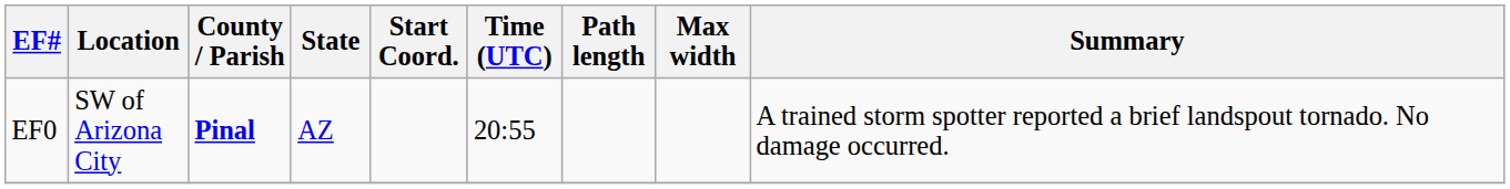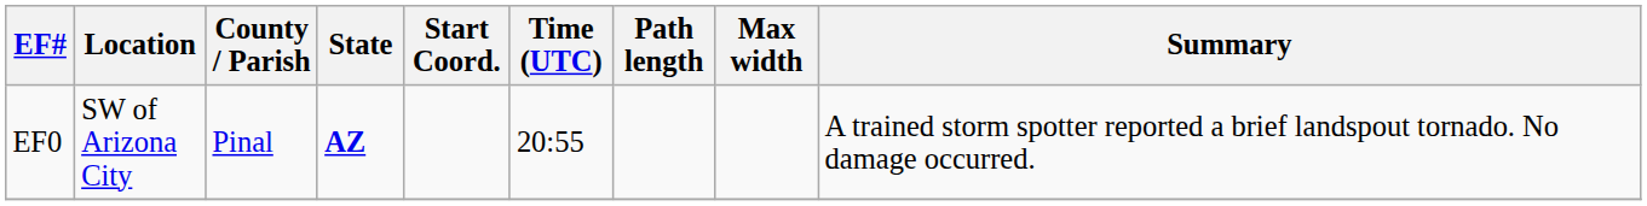 <table class="wikitable sortable" style="width:100%;">
 <tr>
 <th scope="col"  style="width:3%; text-align:center;"><a href='#'>EF#</a></th>
 <th scope="col"  style="width:7%; text-align:center;" class="unsortable">Location</th>
 <th scope="col"  style="width:6%; text-align:center;" class="unsortable">County / Parish</th>
 <th scope="col"  style="width:5%; text-align:center;">State</th>
 <th scope="col"  style="width:6%; text-align:center;">Start Coord.</th>
 <th scope="col"  style="width:6%; text-align:center;">Time (<a href='#'>UTC</a>)</th>
 <th scope="col"  style="width:6%; text-align:center;">Path length</th>
 <th scope="col"  style="width:6%; text-align:center;">Max width</th>
 <th scope="col" class="unsortable" style="width:48%; text-align:center;">Summary</th>
 </tr>
 <tr>
 <td bgcolor=>EF0</td>
 <td>SW of <a href='#'>Arizona City</a></td>
-<td><strong><a href='#'>Pinal</a></strong></td>
-<td><a href='#'>AZ</a></td>
+<td><a href='#'>Pinal</a></td>
+<td><strong><a href='#'>AZ</a></strong></td>
 <td></td>
 <td>20:55</td>
 <td></td>
 <td></td>
 <td>A trained storm spotter reported a brief landspout tornado. No damage occurred.</td>
 </tr>
 <tr>
 </tr>
 </table>
